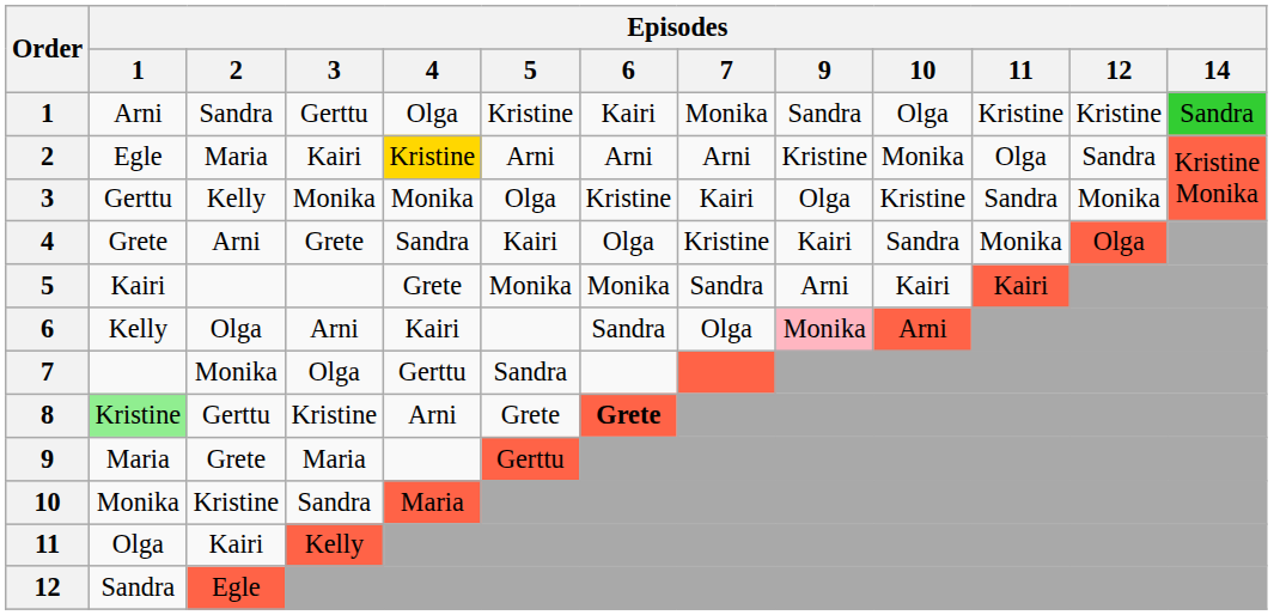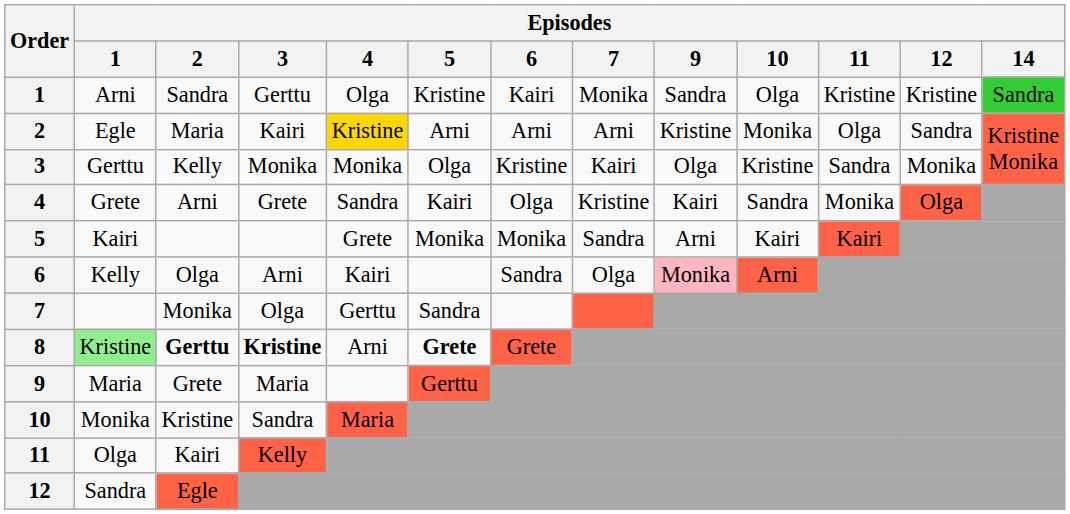 <table class="wikitable" style="text-align:center; font-size:92%">
 <tr>
 <th rowspan=2>Order</th>
 <th colspan=13>Episodes</th>
 </tr>
 <tr>
 <th>1</th>
 <th>2</th>
 <th>3</th>
 <th>4</th>
 <th>5</th>
 <th>6</th>
 <th>7</th>
 <th>9</th>
 <th>10</th>
 <th>11</th>
 <th>12</th>
 <th colspan="2">14</th>
 </tr>
 <tr>
 <th>1</th>
 <td>Arni</td>
 <td>Sandra</td>
 <td>Gerttu</td>
 <td>Olga</td>
 <td>Kristine</td>
 <td>Kairi</td>
 <td>Monika</td>
 <td>Sandra</td>
 <td>Olga</td>
 <td>Kristine</td>
 <td>Kristine</td>
 <td style="background:limegreen;">Sandra</td>
 </tr>
 <tr>
 <th>2</th>
 <td>Egle</td>
 <td>Maria</td>
 <td>Kairi</td>
 <td style="background:gold;">Kristine</td>
 <td>Arni</td>
 <td>Arni</td>
 <td>Arni</td>
 <td>Kristine</td>
 <td>Monika</td>
 <td>Olga</td>
 <td>Sandra</td>
 <td rowspan="2" style="background:tomato;">Kristine<br>Monika</td>
 </tr>
 <tr>
 <th>3</th>
 <td>Gerttu</td>
 <td>Kelly</td>
 <td>Monika</td>
 <td>Monika</td>
 <td>Olga</td>
 <td>Kristine</td>
 <td>Kairi</td>
 <td>Olga</td>
 <td>Kristine</td>
 <td>Sandra</td>
 <td>Monika</td>
 </tr>
 <tr>
 <th>4</th>
 <td>Grete</td>
 <td>Arni</td>
 <td>Grete</td>
 <td>Sandra</td>
 <td>Kairi</td>
 <td>Olga</td>
 <td>Kristine</td>
 <td>Kairi</td>
 <td>Sandra</td>
 <td>Monika</td>
 <td style="background:tomato;">Olga</td>
 <td style="background:darkgray;"></td>
 </tr>
 <tr>
 <th>5</th>
 <td>Kairi</td>
 <td></td>
 <td></td>
 <td>Grete</td>
 <td>Monika</td>
 <td>Monika</td>
 <td>Sandra</td>
 <td>Arni</td>
 <td>Kairi</td>
 <td style="background:tomato;">Kairi</td>
 <td style="background:darkgray;" colspan="2"></td>
 </tr>
 <tr>
 <th>6</th>
 <td>Kelly</td>
 <td>Olga</td>
 <td>Arni</td>
 <td>Kairi</td>
 <td></td>
 <td>Sandra</td>
 <td>Olga</td>
 <td style="background:lightpink;">Monika</td>
 <td style="background:tomato;">Arni</td>
 <td style="background:darkgray;" colspan="3"></td>
 </tr>
 <tr>
 <th>7</th>
 <td></td>
 <td>Monika</td>
 <td>Olga</td>
 <td>Gerttu</td>
 <td>Sandra</td>
 <td></td>
 <td style="background:tomato;"></td>
 <td style="background:darkgray;" colspan="5"></td>
 </tr>
 <tr>
 <th>8</th>
 <td style="background: lightgreen;">Kristine</td>
-<td>Gerttu</td>
-<td>Kristine</td>
+<td><strong>Gerttu</strong></td>
+<td><strong>Kristine</strong></td>
 <td>Arni</td>
-<td>Grete</td>
-<td style="background:tomato;"><strong>Grete</strong></td>
+<td><strong>Grete</strong></td>
+<td style="background:tomato;">Grete</td>
 <td style="background:darkgray;" colspan="6"></td>
 </tr>
 <tr>
 <th>9</th>
 <td>Maria</td>
 <td>Grete</td>
 <td>Maria</td>
 <td></td>
 <td style="background:tomato;">Gerttu</td>
 <td style="background:darkgray;" colspan="7"></td>
 </tr>
 <tr>
 <th>10</th>
 <td>Monika</td>
 <td>Kristine</td>
 <td>Sandra</td>
 <td style="background:tomato;">Maria</td>
 <td style="background:darkgray;" colspan="8"></td>
 </tr>
 <tr>
 <th>11</th>
 <td>Olga</td>
 <td>Kairi</td>
 <td style="background:tomato;">Kelly</td>
 <td style="background:darkgray;" colspan="9"></td>
 </tr>
 <tr>
 <th>12</th>
 <td>Sandra</td>
 <td style="background:tomato;">Egle</td>
 <td style="background:darkgray;" colspan="10"></td>
 </tr>
 </table>
